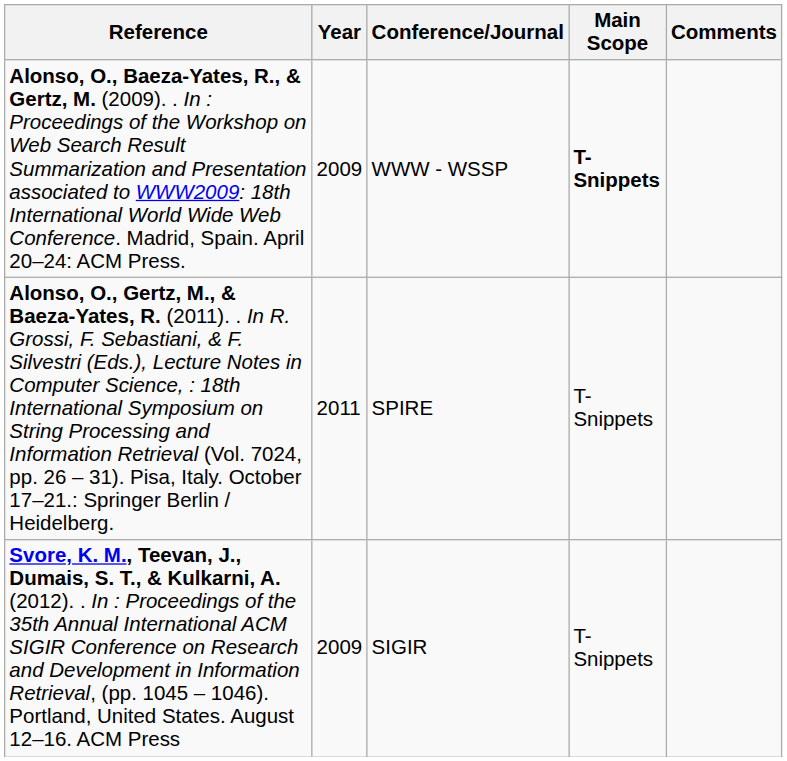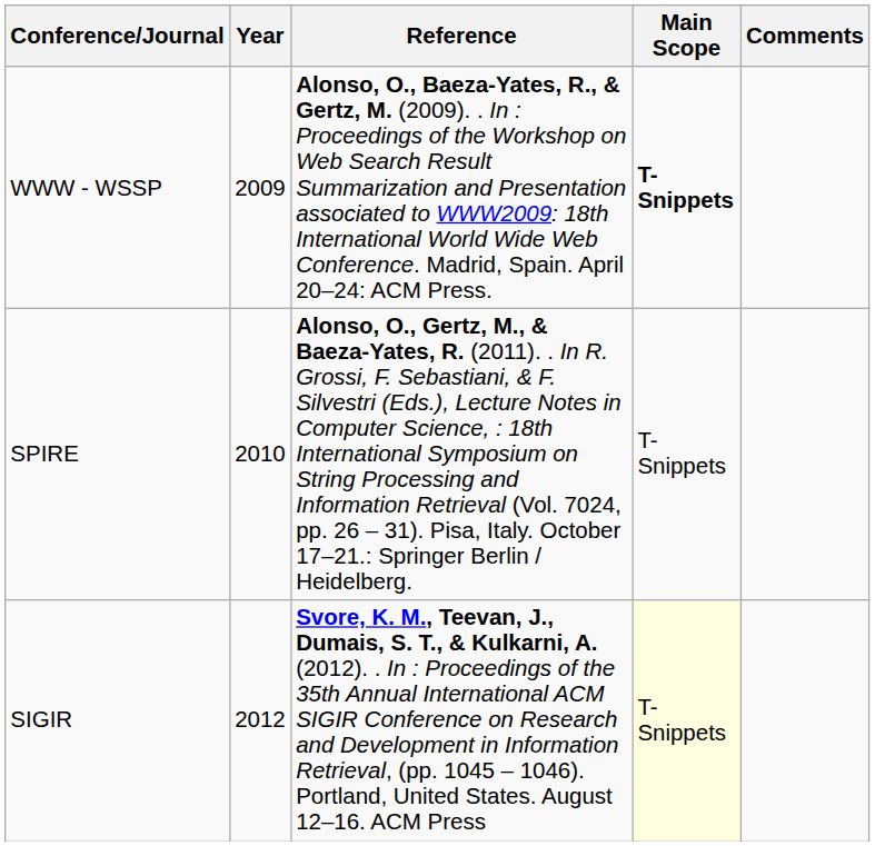 <table class="wikitable sortable">
 <tr>
+<th>Conference/Journal</th>
+<th>Year</th>
 <th>Reference</th>
-<th>Year</th>
-<th>Conference/Journal</th>
 <th>Main Scope</th>
 <th>Comments</th>
 </tr>
 <tr>
+<td>WWW - WSSP</td>
+<td>2009</td>
 <td><strong>Alonso, O., Baeza-Yates, R., & Gertz, M.</strong> (2009). . <em>In : Proceedings of the Workshop on Web Search Result Summarization and Presentation associated to <a href='#'>WWW2009</a>: 18th International World Wide Web Conference</em>. Madrid, Spain. April 20–24: ACM Press.</td>
-<td>2009</td>
-<td>WWW - WSSP</td>
 <td><strong>T-Snippets</strong></td>
 <td></td>
 </tr>
 <tr>
+<td>SPIRE</td>
+<td>2010</td>
 <td><strong>Alonso, O., Gertz, M., & Baeza-Yates, R.</strong> (2011). . <em>In R. Grossi, F. Sebastiani, & F. Silvestri (Eds.), Lecture Notes in Computer Science, : 18th International Symposium on String Processing and Information Retrieval</em> (Vol. 7024, pp. 26 – 31). Pisa, Italy. October 17–21.: Springer Berlin / Heidelberg.</td>
-<td>2011</td>
-<td>SPIRE</td>
 <td>T-Snippets</td>
 <td></td>
 </tr>
 <tr>
+<td>SIGIR</td>
+<td>2012</td>
 <td><strong><a href='#'>Svore, K. M.</a>, Teevan, J., Dumais, S. T., & Kulkarni, A.</strong> (2012). . <em>In : Proceedings of the 35th Annual International ACM SIGIR Conference on Research and Development in Information Retrieval</em>, (pp. 1045 – 1046). Portland, United States. August 12–16. ACM Press</td>
-<td>2009</td>
-<td>SIGIR</td>
-<td>T-Snippets</td>
+<td style="background: lightyellow;">T-Snippets</td>
 <td></td>
 </tr>
 </table>
